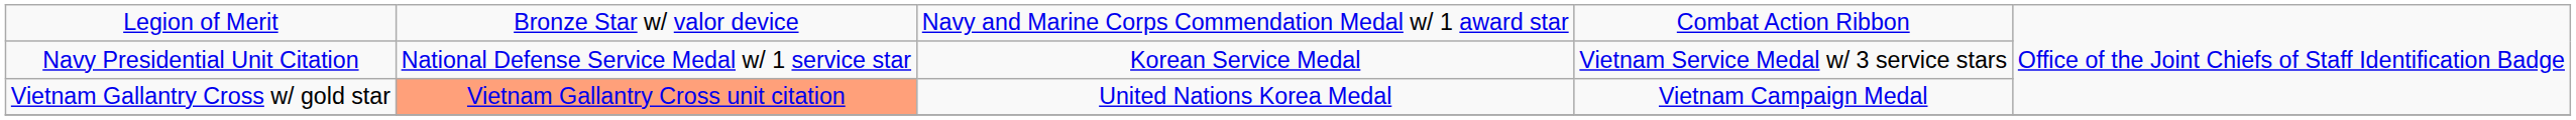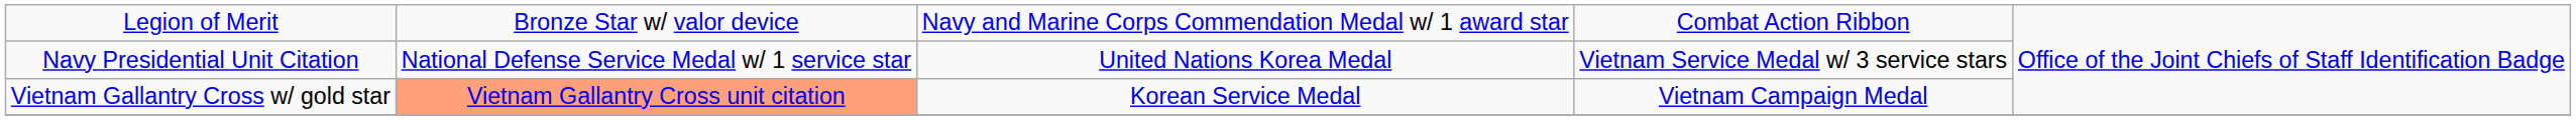 <table class="wikitable" style="margin:1em auto; text-align:center;">
 <tr>
 <td><a href='#'>Legion of Merit</a></td>
 <td><a href='#'>Bronze Star</a> w/ <a href='#'>valor device</a></td>
 <td><a href='#'>Navy and Marine Corps Commendation Medal</a> w/ 1 <a href='#'>award star</a></td>
 <td><a href='#'>Combat Action Ribbon</a></td>
 <td rowspan="3" align="center"><a href='#'>Office of the Joint Chiefs of Staff Identification Badge</a></td>
 </tr>
 <tr>
 <td><a href='#'>Navy Presidential Unit Citation</a></td>
 <td><a href='#'>National Defense Service Medal</a> w/ 1 <a href='#'>service star</a></td>
-<td><a href='#'>Korean Service Medal</a></td>
+<td><a href='#'>United Nations Korea Medal</a></td>
 <td><a href='#'>Vietnam Service Medal</a> w/ 3 service stars</td>
 </tr>
 <tr>
 <td><a href='#'>Vietnam Gallantry Cross</a> w/ gold star</td>
 <td style="background: lightsalmon;"><a href='#'>Vietnam Gallantry Cross unit citation</a></td>
-<td><a href='#'>United Nations Korea Medal</a></td>
+<td><a href='#'>Korean Service Medal</a></td>
 <td><a href='#'>Vietnam Campaign Medal</a></td>
 </tr>
 <tr>
 </tr>
 </table>
